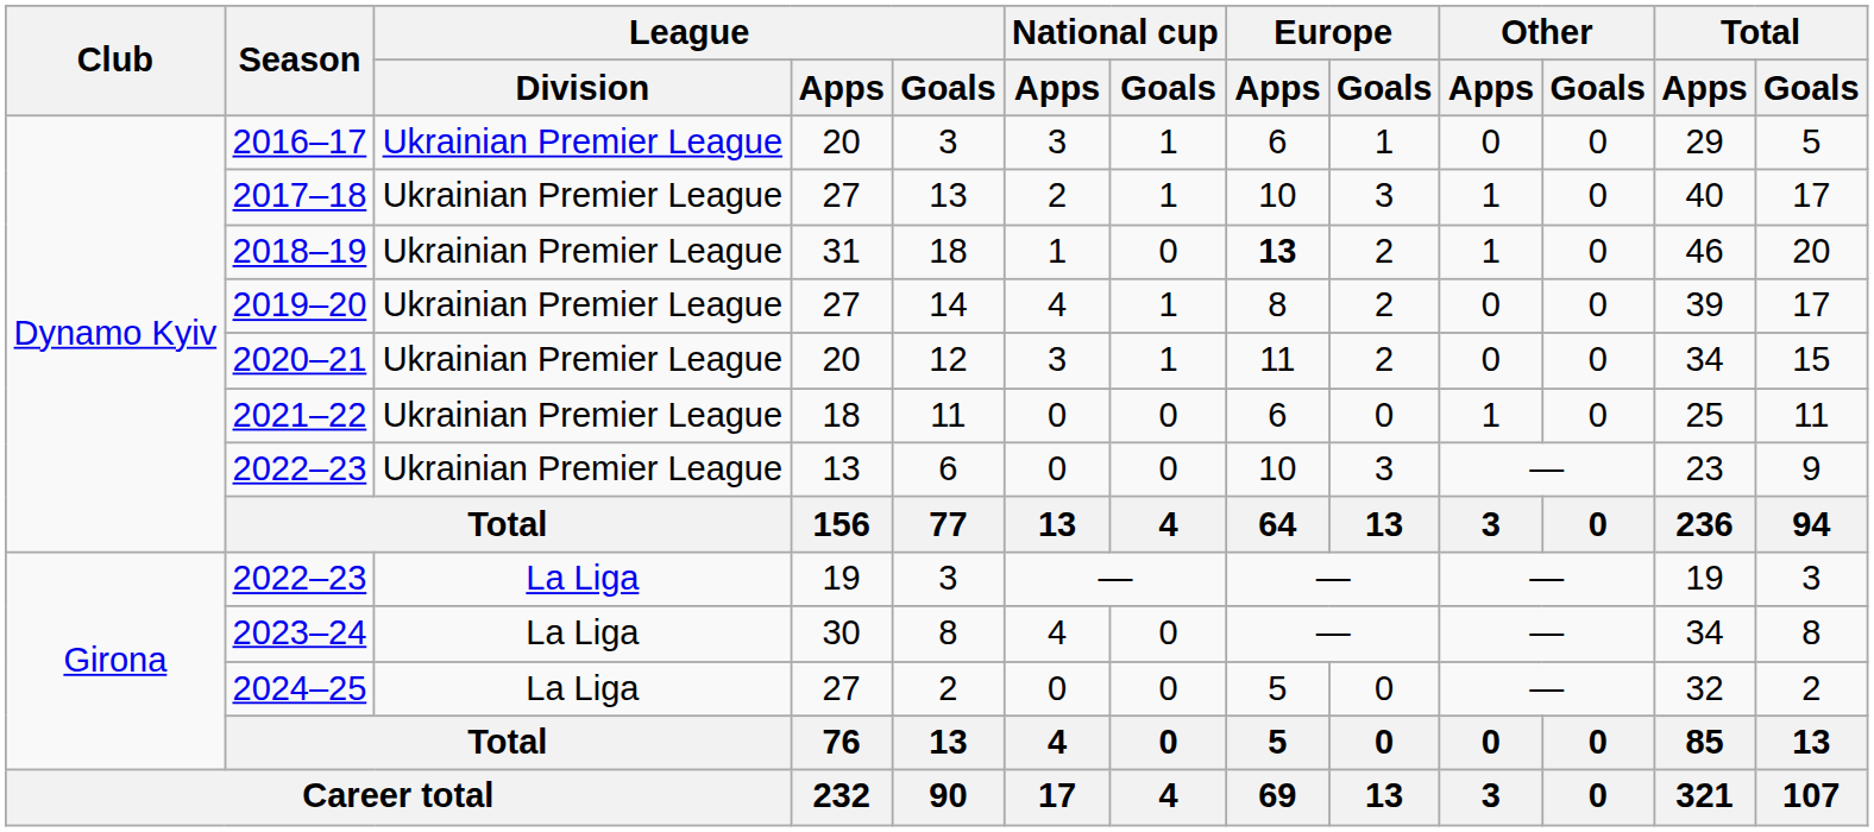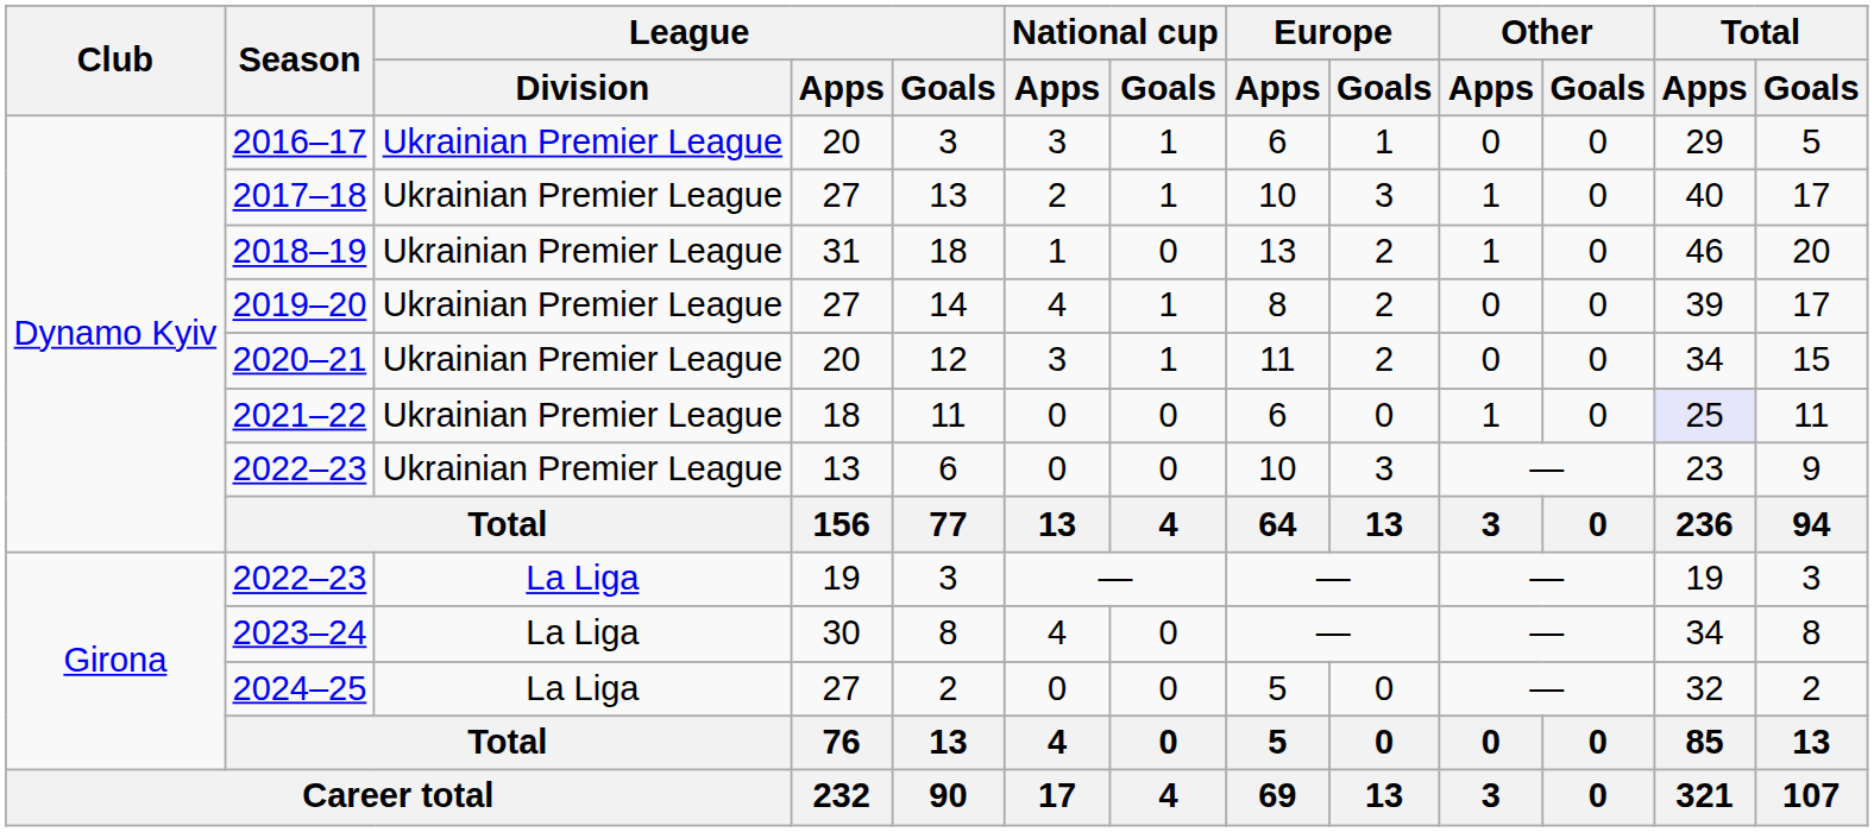 <table class="wikitable" style="text-align: center;">
 <tr>
 <th rowspan="2">Club</th>
 <th rowspan="2">Season</th>
 <th colspan="3">League</th>
 <th colspan="2">National cup</th>
 <th colspan="2">Europe</th>
 <th colspan="2">Other</th>
 <th colspan="2">Total</th>
 </tr>
 <tr>
 <th>Division</th>
 <th>Apps</th>
 <th>Goals</th>
 <th>Apps</th>
 <th>Goals</th>
 <th>Apps</th>
 <th>Goals</th>
 <th>Apps</th>
 <th>Goals</th>
 <th>Apps</th>
 <th>Goals</th>
 </tr>
 <tr>
 <td rowspan="8"><a href='#'>Dynamo Kyiv</a></td>
 <td><a href='#'>2016–17</a></td>
 <td><a href='#'>Ukrainian Premier League</a></td>
 <td>20</td>
 <td>3</td>
 <td>3</td>
 <td>1</td>
 <td>6</td>
 <td>1</td>
 <td>0</td>
 <td>0</td>
 <td>29</td>
 <td>5</td>
 </tr>
 <tr>
 <td><a href='#'>2017–18</a></td>
 <td>Ukrainian Premier League</td>
 <td>27</td>
 <td>13</td>
 <td>2</td>
 <td>1</td>
 <td>10</td>
 <td>3</td>
 <td>1</td>
 <td>0</td>
 <td>40</td>
 <td>17</td>
 </tr>
 <tr>
 <td><a href='#'>2018–19</a></td>
 <td>Ukrainian Premier League</td>
 <td>31</td>
 <td>18</td>
 <td>1</td>
 <td>0</td>
-<td><strong>13</strong></td>
+<td>13</td>
 <td>2</td>
 <td>1</td>
 <td>0</td>
 <td>46</td>
 <td>20</td>
 </tr>
 <tr>
 <td><a href='#'>2019–20</a></td>
 <td>Ukrainian Premier League</td>
 <td>27</td>
 <td>14</td>
 <td>4</td>
 <td>1</td>
 <td>8</td>
 <td>2</td>
 <td>0</td>
 <td>0</td>
 <td>39</td>
 <td>17</td>
 </tr>
 <tr>
 <td><a href='#'>2020–21</a></td>
 <td>Ukrainian Premier League</td>
 <td>20</td>
 <td>12</td>
 <td>3</td>
 <td>1</td>
 <td>11</td>
 <td>2</td>
 <td>0</td>
 <td>0</td>
 <td>34</td>
 <td>15</td>
 </tr>
 <tr>
 <td><a href='#'>2021–22</a></td>
 <td>Ukrainian Premier League</td>
 <td>18</td>
 <td>11</td>
 <td>0</td>
 <td>0</td>
 <td>6</td>
 <td>0</td>
 <td>1</td>
 <td>0</td>
-<td>25</td>
+<td style="background: lavender;">25</td>
 <td>11</td>
 </tr>
 <tr>
 <td><a href='#'>2022–23</a></td>
 <td>Ukrainian Premier League</td>
 <td>13</td>
 <td>6</td>
 <td>0</td>
 <td>0</td>
 <td>10</td>
 <td>3</td>
 <td colspan="2">—</td>
 <td>23</td>
 <td>9</td>
 </tr>
 <tr>
 <th colspan="2">Total</th>
 <th>156</th>
 <th>77</th>
 <th>13</th>
 <th>4</th>
 <th>64</th>
 <th>13</th>
 <th>3</th>
 <th>0</th>
 <th>236</th>
 <th>94</th>
 </tr>
 <tr>
 <td rowspan="4"><a href='#'>Girona</a></td>
 <td><a href='#'>2022–23</a></td>
 <td><a href='#'>La Liga</a></td>
 <td>19</td>
 <td>3</td>
 <td colspan="2">—</td>
 <td colspan="2">—</td>
 <td colspan="2">—</td>
 <td>19</td>
 <td>3</td>
 </tr>
 <tr>
 <td><a href='#'>2023–24</a></td>
 <td>La Liga</td>
 <td>30</td>
 <td>8</td>
 <td>4</td>
 <td>0</td>
 <td colspan="2">—</td>
 <td colspan="2">—</td>
 <td>34</td>
 <td>8</td>
 </tr>
 <tr>
 <td><a href='#'>2024–25</a></td>
 <td>La Liga</td>
 <td>27</td>
 <td>2</td>
 <td>0</td>
 <td>0</td>
 <td>5</td>
 <td>0</td>
 <td colspan="2">—</td>
 <td>32</td>
 <td>2</td>
 </tr>
 <tr>
 <th colspan="2">Total</th>
 <th>76</th>
 <th>13</th>
 <th>4</th>
 <th>0</th>
 <th>5</th>
 <th>0</th>
 <th>0</th>
 <th>0</th>
 <th>85</th>
 <th>13</th>
 </tr>
 <tr>
 <th colspan="3">Career total</th>
 <th>232</th>
 <th>90</th>
 <th>17</th>
 <th>4</th>
 <th>69</th>
 <th>13</th>
 <th>3</th>
 <th>0</th>
 <th>321</th>
 <th>107</th>
 </tr>
 </table>
